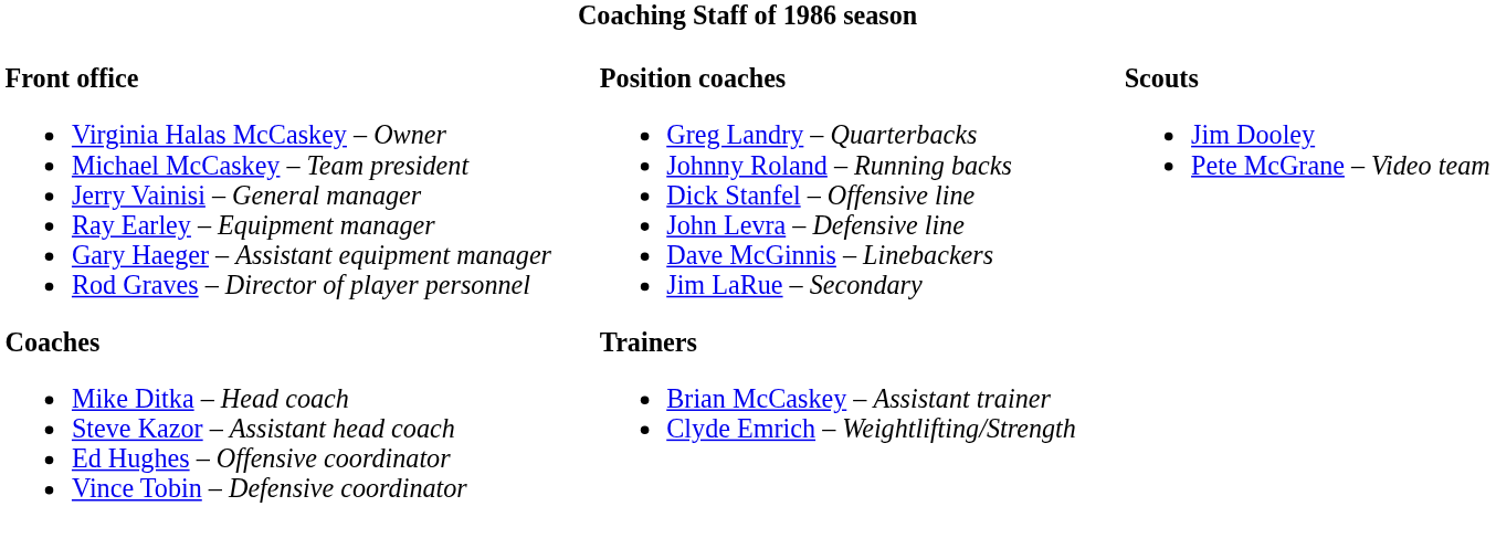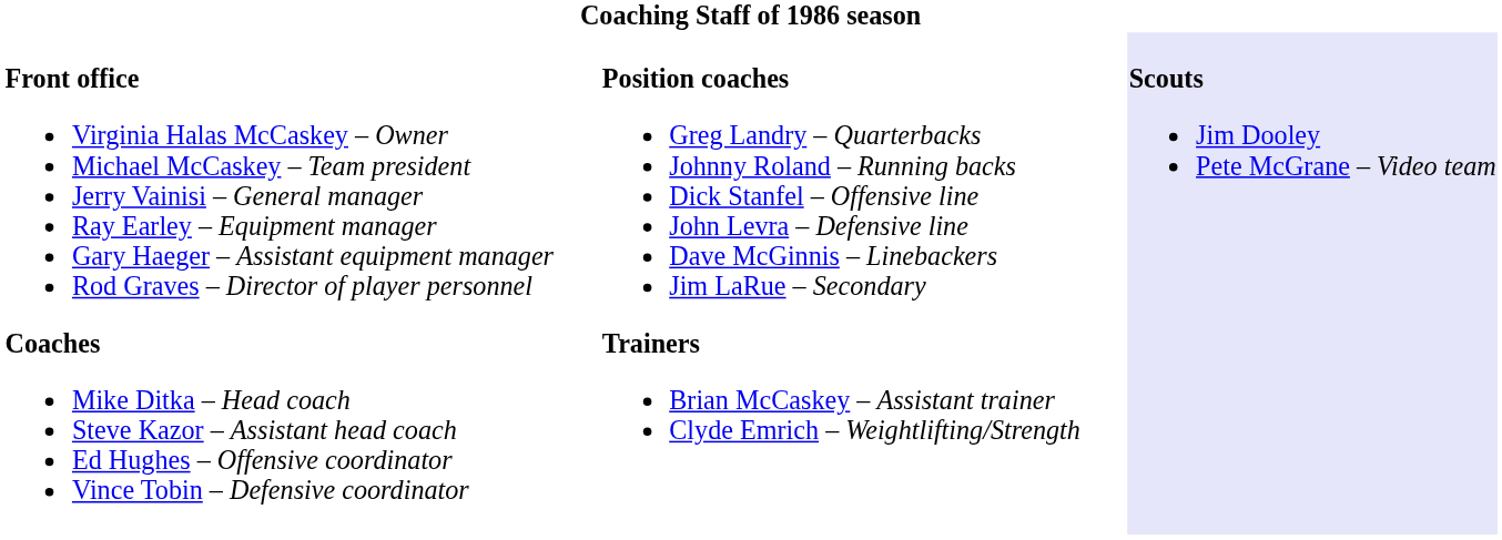 <table class="toccolours" style="border-collapse: collapse;">
 <tr>
 <td colspan="7" style="text-align:center;"><strong>Coaching Staff of 1986 season</strong></td>
 </tr>
 <tr>
 <td valign="top"><br><strong>Front office</strong><ul><li><a href='#'>Virginia Halas McCaskey</a> – <em>Owner</em></li><li><a href='#'>Michael McCaskey</a> – <em>Team president</em></li><li><a href='#'>Jerry Vainisi</a> – <em>General manager</em></li><li><a href='#'>Ray Earley</a> – <em>Equipment manager</em></li><li><a href='#'>Gary Haeger</a> – <em>Assistant equipment manager</em></li><li><a href='#'>Rod Graves</a> – <em>Director of player personnel</em></li></ul><strong>Coaches</strong><ul><li><a href='#'>Mike Ditka</a> – <em>Head coach</em></li><li><a href='#'>Steve Kazor</a> – <em>Assistant head coach</em></li><li><a href='#'>Ed Hughes</a> – <em>Offensive coordinator</em></li><li><a href='#'>Vince Tobin</a> – <em>Defensive coordinator</em></li></ul></td>
 <td width="25"> </td>
 <td valign="top"><br><strong>Position coaches</strong><ul><li><a href='#'>Greg Landry</a> – <em>Quarterbacks</em></li><li><a href='#'>Johnny Roland</a> – <em>Running backs</em></li><li><a href='#'>Dick Stanfel</a> – <em>Offensive line</em></li><li><a href='#'>John Levra</a> – <em>Defensive line</em></li><li><a href='#'>Dave McGinnis</a> – <em>Linebackers</em></li><li><a href='#'>Jim LaRue</a> – <em>Secondary</em></li></ul><strong>Trainers</strong><ul><li><a href='#'>Brian McCaskey</a> – <em>Assistant trainer</em></li><li><a href='#'>Clyde Emrich</a> – <em>Weightlifting/Strength</em></li></ul></td>
 <td width="25"> </td>
-<td valign="top"><br><strong>Scouts</strong><ul><li><a href='#'>Jim Dooley</a></li><li><a href='#'>Pete McGrane</a> – <em>Video team</em></li></ul></td>
+<td valign="top" style="background: lavender;"><br><strong>Scouts</strong><ul><li><a href='#'>Jim Dooley</a></li><li><a href='#'>Pete McGrane</a> – <em>Video team</em></li></ul></td>
 </tr>
 </table>
